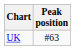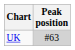 <table class="wikitable sortable">
 <tr>
 <th align="left">Chart</th>
 <th style="text-align:center;">Peak<br>position</th>
 </tr>
 <tr>
 <td align="left"><a href='#'>UK</a></td>
-<td style="text-align:center;">#63</td>
+<td style="background: lightgrey; text-align:center;">#63</td>
 </tr>
 </table>
